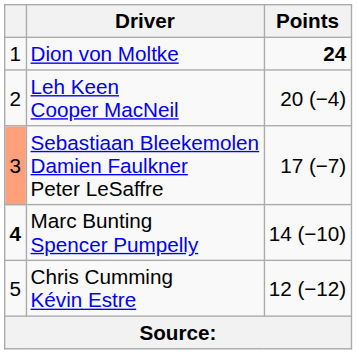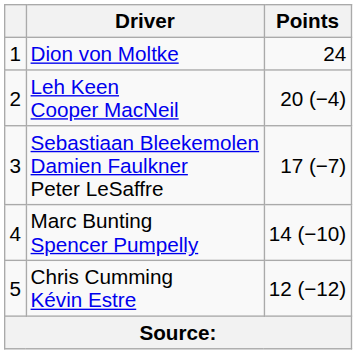 <table class="wikitable" style="font-size: 95%;">
 <tr>
 <th scope="col"></th>
 <th scope="col">Driver</th>
 <th scope="col">Points</th>
 </tr>
 <tr>
 <td align=center>1</td>
 <td> <a href='#'>Dion von Moltke</a></td>
-<td align=right><strong>24</strong></td>
+<td align=right>24</td>
 </tr>
 <tr>
 <td align=center>2</td>
 <td> <a href='#'>Leh Keen</a><br> <a href='#'>Cooper MacNeil</a></td>
 <td align=right>20 (−4)</td>
 </tr>
 <tr>
-<td align=center style="background: lightsalmon;">3</td>
+<td align=center>3</td>
 <td> <a href='#'>Sebastiaan Bleekemolen</a><br> <a href='#'>Damien Faulkner</a><br> Peter LeSaffre</td>
 <td align=right>17 (−7)</td>
 </tr>
 <tr>
-<td align=center><strong>4</strong></td>
+<td align=center>4</td>
 <td> Marc Bunting<br> <a href='#'>Spencer Pumpelly</a></td>
 <td align=right>14 (−10)</td>
 </tr>
 <tr>
 <td align=center>5</td>
 <td> Chris Cumming<br> <a href='#'>Kévin Estre</a></td>
 <td align=right>12 (−12)</td>
 </tr>
 <tr>
 <th colspan=4>Source:</th>
 </tr>
 </table>
